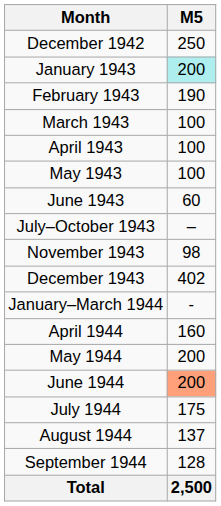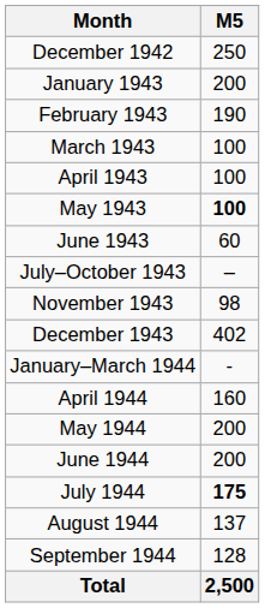 <table class="wikitable">
 <tr style="vertical-align:top; text-align:center; ">
 </tr>
 <tr style="vertical-align:top; text-align:center;">
 <th>Month</th>
 <th>M5</th>
 </tr>
 <tr style="vertical-align:top; text-align:center;">
 <td>December 1942</td>
 <td>250</td>
 </tr>
 <tr style="vertical-align:top; text-align:center;">
 <td>January 1943</td>
-<td style="background: paleturquoise;">200</td>
+<td>200</td>
 </tr>
 <tr style="vertical-align:top; text-align:center;">
 <td>February 1943</td>
 <td>190</td>
 </tr>
 <tr style="vertical-align:top; text-align:center;">
 <td>March 1943</td>
 <td>100</td>
 </tr>
 <tr style="vertical-align:top; text-align:center;">
 <td>April 1943</td>
 <td>100</td>
 </tr>
 <tr style="vertical-align:top; text-align:center;">
 <td>May 1943</td>
-<td>100</td>
+<td><strong>100</strong></td>
 </tr>
 <tr style="vertical-align:top; text-align:center;">
 <td>June 1943</td>
 <td>60</td>
 </tr>
 <tr style="vertical-align:top; text-align:center;">
 <td>July–October 1943</td>
 <td>–</td>
 </tr>
 <tr style="vertical-align:top; text-align:center;">
 <td>November 1943</td>
 <td>98</td>
 </tr>
 <tr style="vertical-align:top; text-align:center;">
 <td>December 1943</td>
 <td>402</td>
 </tr>
 <tr style="vertical-align:top; text-align:center;">
 <td>January–March 1944</td>
 <td>-</td>
 </tr>
 <tr style="vertical-align:top; text-align:center;">
 <td>April 1944</td>
 <td>160</td>
 </tr>
 <tr style="vertical-align:top; text-align:center;">
 <td>May 1944</td>
 <td>200</td>
 </tr>
 <tr style="vertical-align:top; text-align:center;">
 <td>June 1944</td>
-<td style="background: lightsalmon;">200</td>
+<td>200</td>
 </tr>
 <tr style="vertical-align:top; text-align:center;">
 <td>July 1944</td>
-<td>175</td>
+<td><strong>175</strong></td>
 </tr>
 <tr style="vertical-align:top; text-align:center;">
 <td>August 1944</td>
 <td>137</td>
 </tr>
 <tr style="vertical-align:top; text-align:center;">
 <td>September 1944</td>
 <td>128</td>
 </tr>
 <tr style="vertical-align:top; text-align:center;">
 <th>Total</th>
 <th>2,500</th>
 </tr>
 </table>
